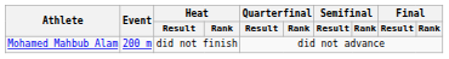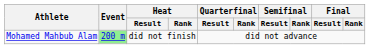 <table class=wikitable style="font-size:90%">
 <tr>
 <th rowspan="2">Athlete</th>
 <th rowspan="2">Event</th>
 <th colspan="2">Heat</th>
 <th colspan="2">Quarterfinal</th>
 <th colspan="2">Semifinal</th>
 <th colspan="2">Final</th>
 </tr>
 <tr style="font-size:95%">
 <th>Result</th>
 <th>Rank</th>
 <th>Result</th>
 <th>Rank</th>
 <th>Result</th>
 <th>Rank</th>
 <th>Result</th>
 <th>Rank</th>
 </tr>
 <tr align=center>
 <td align=left><a href='#'>Mohamed Mahbub Alam</a></td>
-<td align=left><a href='#'>200 m</a></td>
+<td align=left style="background: lightgreen;"><a href='#'>200 m</a></td>
 <td colspan=2>did not finish</td>
 <td colspan=6>did not advance</td>
 </tr>
 </table>
